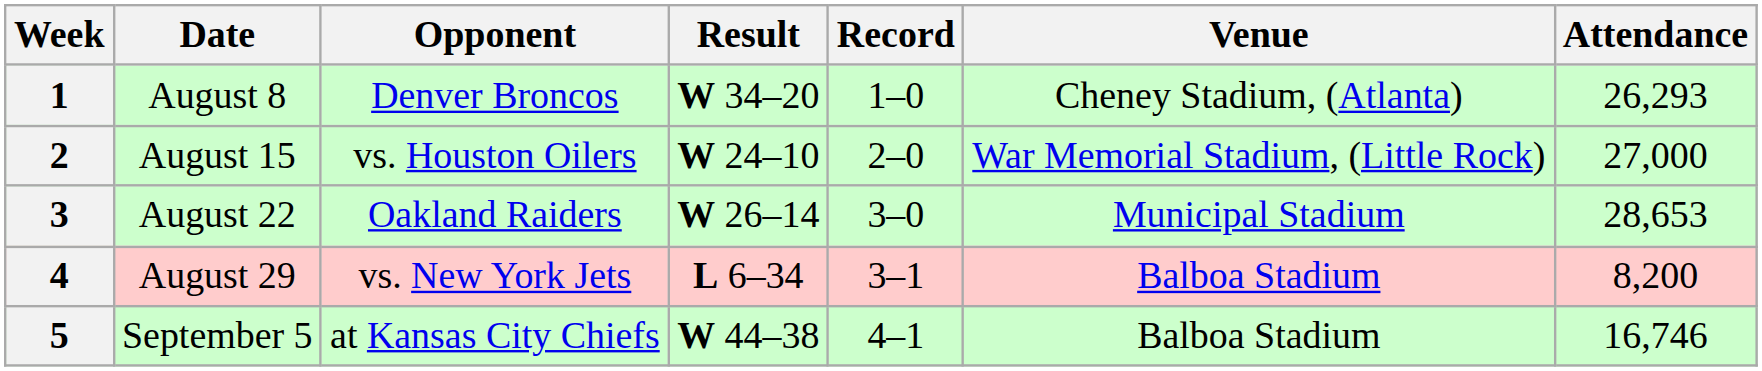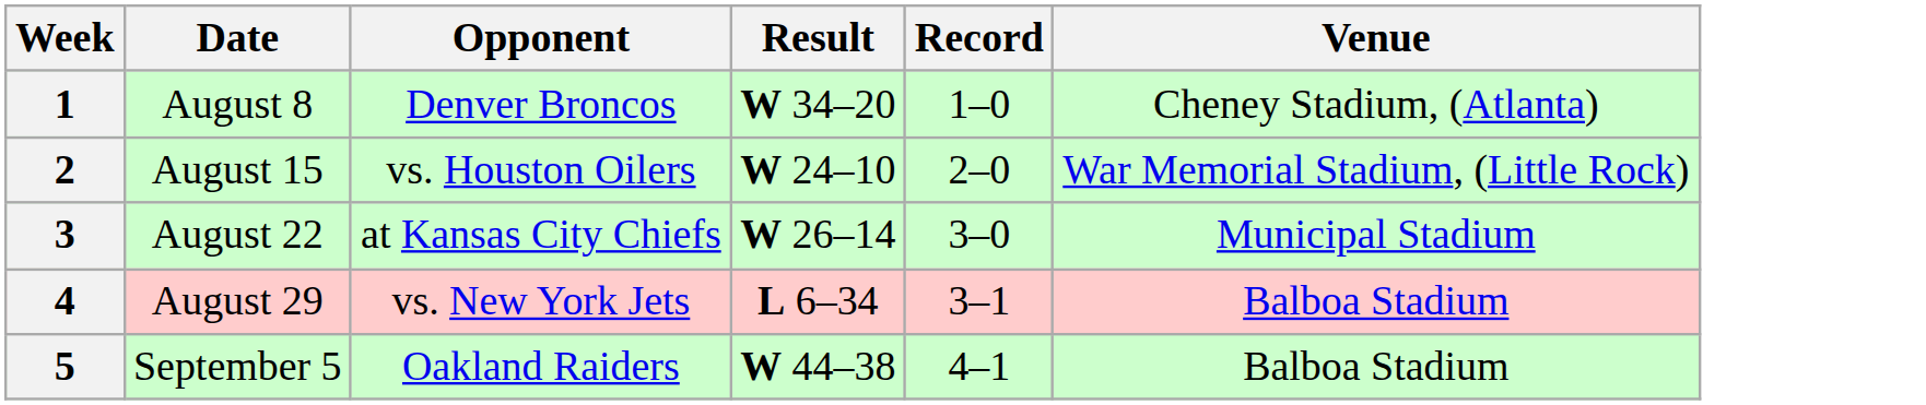 <table class="wikitable" style="text-align:center">
 <tr>
 <th>Week</th>
 <th>Date</th>
 <th>Opponent</th>
 <th>Result</th>
 <th>Record</th>
 <th>Venue</th>
-<th>Attendance</th>
 </tr>
 <tr style="background:#cfc">
 <th>1</th>
 <td>August 8</td>
 <td><a href='#'>Denver Broncos</a></td>
 <td><strong>W</strong> 34–20</td>
 <td>1–0</td>
 <td>Cheney Stadium, (<a href='#'>Atlanta</a>)</td>
-<td>26,293</td>
 </tr>
 <tr style="background:#cfc">
 <th>2</th>
 <td>August 15</td>
 <td>vs. <a href='#'>Houston Oilers</a></td>
 <td><strong>W</strong> 24–10</td>
 <td>2–0</td>
 <td><a href='#'>War Memorial Stadium</a>, (<a href='#'>Little Rock</a>)</td>
-<td>27,000</td>
 </tr>
 <tr style="background:#cfc">
 <th>3</th>
 <td>August 22</td>
-<td><a href='#'>Oakland Raiders</a></td>
+<td>at <a href='#'>Kansas City Chiefs</a></td>
 <td><strong>W</strong> 26–14</td>
 <td>3–0</td>
 <td><a href='#'>Municipal Stadium</a></td>
-<td>28,653</td>
 </tr>
 <tr style="background:#fcc">
 <th>4</th>
 <td>August 29</td>
 <td>vs. <a href='#'>New York Jets</a></td>
 <td><strong>L</strong> 6–34</td>
 <td>3–1</td>
 <td><a href='#'>Balboa Stadium</a></td>
-<td>8,200</td>
 </tr>
 <tr style="background:#cfc">
 <th>5</th>
 <td>September 5</td>
-<td>at <a href='#'>Kansas City Chiefs</a></td>
+<td><a href='#'>Oakland Raiders</a></td>
 <td><strong>W</strong> 44–38</td>
 <td>4–1</td>
 <td>Balboa Stadium</td>
-<td>16,746</td>
 </tr>
 </table>
